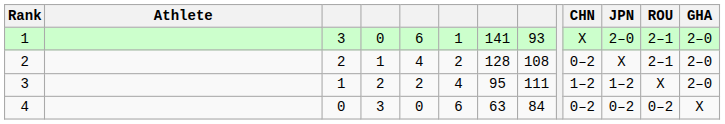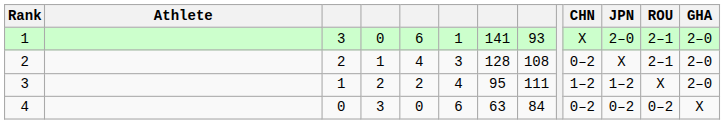 <table class="wikitable" style="text-align:center">
 <tr>
 <th>Rank</th>
 <th width=250>Athlete</th>
 <th width=30></th>
 <th width=30></th>
 <th width=30></th>
 <th width=30></th>
 <th width=30></th>
 <th width=30></th>
 <th rowspan=5></th>
 <th width=30>CHN</th>
 <th width=30>JPN</th>
 <th width=30>ROU</th>
 <th width=30>GHA</th>
 </tr>
 <tr style="background-color:#ccffcc;">
 <td>1</td>
 <td align=left></td>
 <td>3</td>
 <td>0</td>
 <td>6</td>
 <td>1</td>
 <td>141</td>
 <td>93</td>
 <td>X</td>
 <td>2–0</td>
 <td>2–1</td>
 <td>2–0</td>
 </tr>
 <tr>
 <td>2</td>
 <td align=left></td>
 <td>2</td>
 <td>1</td>
 <td>4</td>
-<td>2</td>
+<td>3</td>
 <td>128</td>
 <td>108</td>
 <td>0–2</td>
 <td>X</td>
 <td>2–1</td>
 <td>2–0</td>
 </tr>
 <tr>
 <td>3</td>
 <td align=left></td>
 <td>1</td>
 <td>2</td>
 <td>2</td>
 <td>4</td>
 <td>95</td>
 <td>111</td>
 <td>1–2</td>
 <td>1–2</td>
 <td>X</td>
 <td>2–0</td>
 </tr>
 <tr>
 <td>4</td>
 <td align=left></td>
 <td>0</td>
 <td>3</td>
 <td>0</td>
 <td>6</td>
 <td>63</td>
 <td>84</td>
 <td>0–2</td>
 <td>0–2</td>
 <td>0–2</td>
 <td>X</td>
 </tr>
 </table>
